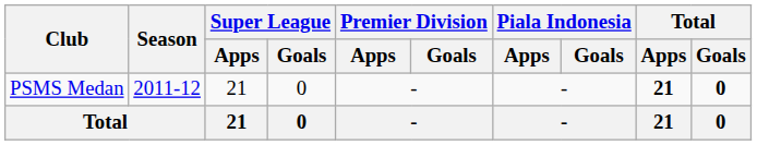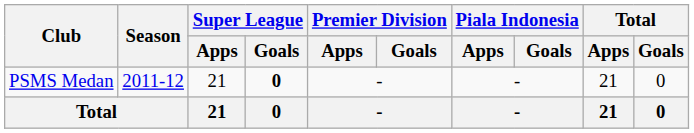 <table class="wikitable" style="font-size:90%; text-align:center;">
 <tr>
 <th rowspan="2">Club</th>
 <th rowspan="2">Season</th>
 <th colspan="2"><a href='#'>Super League</a></th>
 <th colspan="2"><a href='#'>Premier Division</a></th>
 <th colspan="2"><a href='#'>Piala Indonesia</a></th>
 <th colspan="2">Total</th>
 </tr>
 <tr>
 <th>Apps</th>
 <th>Goals</th>
 <th>Apps</th>
 <th>Goals</th>
 <th>Apps</th>
 <th>Goals</th>
 <th>Apps</th>
 <th>Goals</th>
 </tr>
 <tr>
 <td rowspan="1"><a href='#'>PSMS Medan</a></td>
 <td><a href='#'>2011-12</a></td>
 <td>21</td>
-<td>0</td>
+<td><strong>0</strong></td>
 <td colspan="2">-</td>
 <td colspan="2">-</td>
-<td><strong>21</strong></td>
-<td><strong>0</strong></td>
+<td>21</td>
+<td>0</td>
 </tr>
 <tr>
 <th colspan="2">Total</th>
 <th>21</th>
 <th>0</th>
 <th colspan="2">-</th>
 <th colspan="2">-</th>
 <th>21</th>
 <th>0</th>
 </tr>
 </table>
